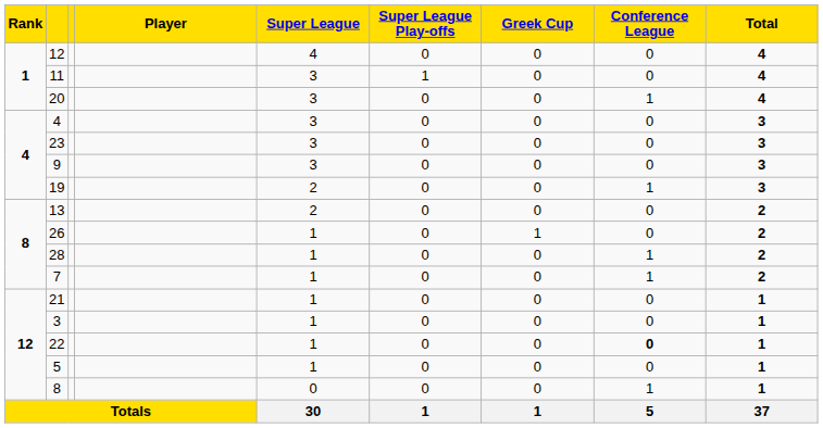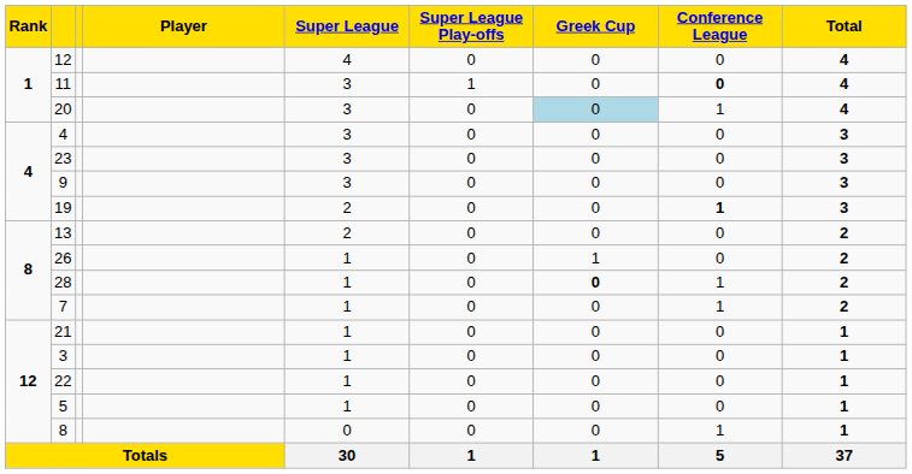 <table class="wikitable sortable" style="text-align:center">
 <tr>
 <th style="background:#FFDE00">Rank</th>
 <th style="background:#FFDE00"></th>
 <th style="background:#FFDE00"></th>
 <th width=200 style="background:#FFDE00">Player</th>
 <th width=120 style="background:#FFDE00"><a href='#'>Super League</a></th>
 <th width=120 style="background:#FFDE00"><a href='#'>Super League Play-offs</a></th>
 <th width=120 style="background:#FFDE00"><a href='#'>Greek Cup</a></th>
 <th width=120 style="background:#FFDE00"><a href='#'>Conference League</a></th>
 <th width=120 style="background:#FFDE00">Total</th>
 </tr>
 <tr>
 <td rowspan=3><strong>1</strong></td>
 <td>12</td>
 <td></td>
 <td align=left></td>
 <td>4</td>
 <td>0</td>
 <td>0</td>
 <td>0</td>
 <td><strong>4</strong></td>
 </tr>
 <tr>
 <td>11</td>
 <td></td>
 <td align=left></td>
 <td>3</td>
 <td>1</td>
 <td>0</td>
-<td>0</td>
+<td><strong>0</strong></td>
 <td><strong>4</strong></td>
 </tr>
 <tr>
 <td>20</td>
 <td></td>
 <td align=left></td>
 <td>3</td>
 <td>0</td>
-<td>0</td>
+<td style="background: lightblue;">0</td>
 <td>1</td>
 <td><strong>4</strong></td>
 </tr>
 <tr>
 <td rowspan=4><strong>4</strong></td>
 <td>4</td>
 <td></td>
 <td align=left></td>
 <td>3</td>
 <td>0</td>
 <td>0</td>
 <td>0</td>
 <td><strong>3</strong></td>
 </tr>
 <tr>
 <td>23</td>
 <td></td>
 <td align=left></td>
 <td>3</td>
 <td>0</td>
 <td>0</td>
 <td>0</td>
 <td><strong>3</strong></td>
 </tr>
 <tr>
 <td>9</td>
 <td></td>
 <td align=left></td>
 <td>3</td>
 <td>0</td>
 <td>0</td>
 <td>0</td>
 <td><strong>3</strong></td>
 </tr>
 <tr>
 <td>19</td>
 <td></td>
 <td align=left></td>
 <td>2</td>
 <td>0</td>
 <td>0</td>
-<td>1</td>
+<td><strong>1</strong></td>
 <td><strong>3</strong></td>
 </tr>
 <tr>
 <td rowspan=4><strong>8</strong></td>
 <td>13</td>
 <td></td>
 <td align=left></td>
 <td>2</td>
 <td>0</td>
 <td>0</td>
 <td>0</td>
 <td><strong>2</strong></td>
 </tr>
 <tr>
 <td>26</td>
 <td></td>
 <td align=left></td>
 <td>1</td>
 <td>0</td>
 <td>1</td>
 <td>0</td>
 <td><strong>2</strong></td>
 </tr>
 <tr>
 <td>28</td>
 <td></td>
 <td align=left></td>
 <td>1</td>
 <td>0</td>
-<td>0</td>
+<td><strong>0</strong></td>
 <td>1</td>
 <td><strong>2</strong></td>
 </tr>
 <tr>
 <td>7</td>
 <td></td>
 <td align=left></td>
 <td>1</td>
 <td>0</td>
 <td>0</td>
 <td>1</td>
 <td><strong>2</strong></td>
 </tr>
 <tr>
 <td rowspan=5><strong>12</strong></td>
 <td>21</td>
 <td></td>
 <td align=left></td>
 <td>1</td>
 <td>0</td>
 <td>0</td>
 <td>0</td>
 <td><strong>1</strong></td>
 </tr>
 <tr>
 <td>3</td>
 <td></td>
 <td align=left></td>
 <td>1</td>
 <td>0</td>
 <td>0</td>
 <td>0</td>
 <td><strong>1</strong></td>
 </tr>
 <tr>
 <td>22</td>
 <td></td>
 <td align=left></td>
 <td>1</td>
 <td>0</td>
 <td>0</td>
-<td><strong>0</strong></td>
+<td>0</td>
 <td><strong>1</strong></td>
 </tr>
 <tr>
 <td>5</td>
 <td></td>
 <td align=left></td>
 <td>1</td>
 <td>0</td>
 <td>0</td>
 <td>0</td>
 <td><strong>1</strong></td>
 </tr>
 <tr>
 <td>8</td>
 <td></td>
 <td align=left></td>
 <td>0</td>
 <td>0</td>
 <td>0</td>
 <td>1</td>
 <td><strong>1</strong></td>
 </tr>
 <tr class="sortbottom">
 <th colspan=4 style="background:#FFDE00"><strong>Totals</strong></th>
 <th><strong> 30</strong></th>
 <th><strong> 1</strong></th>
 <th><strong> 1</strong></th>
 <th><strong> 5</strong></th>
 <th><strong> 37</strong></th>
 </tr>
 </table>
